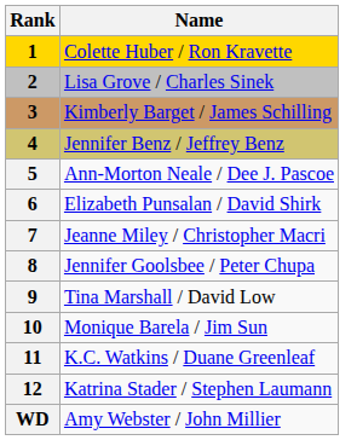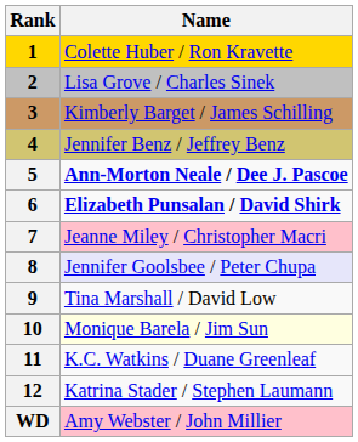 <table class="wikitable">
 <tr>
 <th>Rank</th>
 <th>Name</th>
 </tr>
 <tr bgcolor="gold">
 <td align="center"><strong>1</strong></td>
 <td><a href='#'>Colette Huber</a> / <a href='#'>Ron Kravette</a></td>
 </tr>
 <tr bgcolor="silver">
 <td align="center"><strong>2</strong></td>
 <td><a href='#'>Lisa Grove</a> / <a href='#'>Charles Sinek</a></td>
 </tr>
 <tr bgcolor="cc9966">
 <td align="center"><strong>3</strong></td>
 <td><a href='#'>Kimberly Barget</a> / <a href='#'>James Schilling</a></td>
 </tr>
 <tr bgcolor="#d1c571">
 <td align="center"><strong>4</strong></td>
 <td><a href='#'>Jennifer Benz</a> / <a href='#'>Jeffrey Benz</a></td>
 </tr>
 <tr>
 <th>5</th>
-<td><a href='#'>Ann-Morton Neale</a> / <a href='#'>Dee J. Pascoe</a></td>
+<td><strong><a href='#'>Ann-Morton Neale</a> / <a href='#'>Dee J. Pascoe</a></strong></td>
 </tr>
 <tr>
 <th>6</th>
-<td><a href='#'>Elizabeth Punsalan</a> / <a href='#'>David Shirk</a></td>
+<td><strong><a href='#'>Elizabeth Punsalan</a> / <a href='#'>David Shirk</a></strong></td>
 </tr>
 <tr>
 <th>7</th>
-<td><a href='#'>Jeanne Miley</a> / <a href='#'>Christopher Macri</a></td>
+<td style="background: pink;"><a href='#'>Jeanne Miley</a> / <a href='#'>Christopher Macri</a></td>
 </tr>
 <tr>
 <th>8</th>
-<td><a href='#'>Jennifer Goolsbee</a> / <a href='#'>Peter Chupa</a></td>
+<td style="background: lavender;"><a href='#'>Jennifer Goolsbee</a> / <a href='#'>Peter Chupa</a></td>
 </tr>
 <tr>
 <th>9</th>
 <td><a href='#'>Tina Marshall</a> / David Low</td>
 </tr>
 <tr>
 <th>10</th>
-<td><a href='#'>Monique Barela</a> / <a href='#'>Jim Sun</a></td>
+<td style="background: lightyellow;"><a href='#'>Monique Barela</a> / <a href='#'>Jim Sun</a></td>
 </tr>
 <tr>
 <th>11</th>
 <td><a href='#'>K.C. Watkins</a> / <a href='#'>Duane Greenleaf</a></td>
 </tr>
 <tr>
 <th>12</th>
 <td><a href='#'>Katrina Stader</a> / <a href='#'>Stephen Laumann</a></td>
 </tr>
 <tr>
 <th>WD</th>
-<td><a href='#'>Amy Webster</a> / <a href='#'>John Millier</a></td>
+<td style="background: pink;"><a href='#'>Amy Webster</a> / <a href='#'>John Millier</a></td>
 </tr>
 </table>
